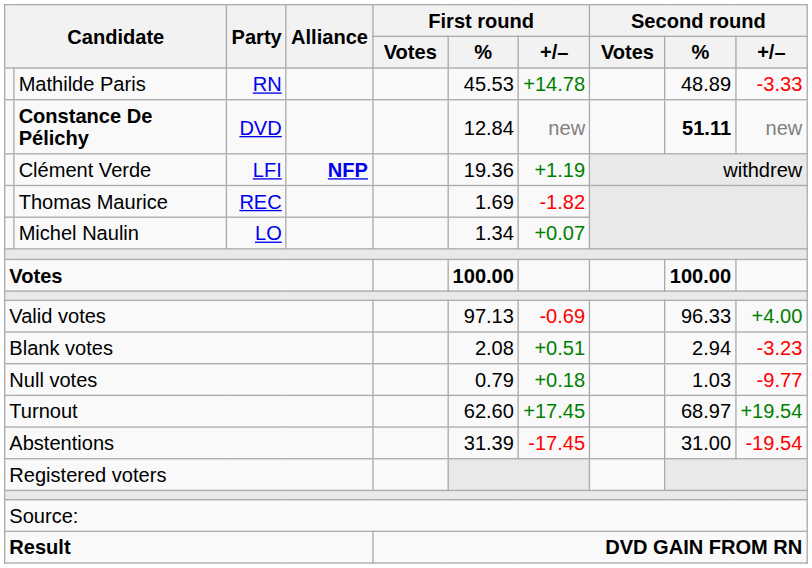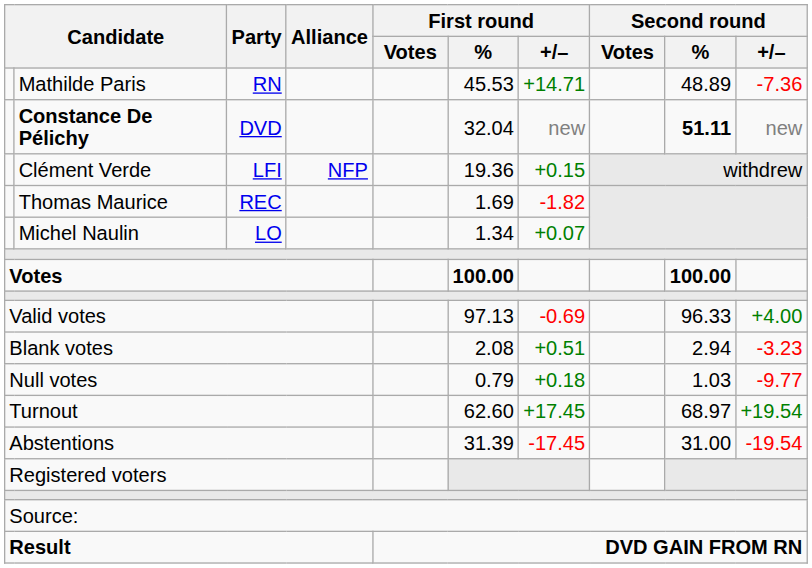 <table class="wikitable" style="text-align:right;font-size:95%;">
 <tr>
 <th rowspan="2" colspan="2">Candidate</th>
 <th colspan="1" rowspan="2">Party</th>
 <th colspan="1" rowspan="2">Alliance</th>
 <th colspan="3">First round</th>
 <th colspan="3">Second round</th>
 </tr>
 <tr>
 <th style="width:50px;">Votes</th>
 <th style="width:45px;">%</th>
 <th style="width:45px;">+/–</th>
 <th style="width:50px;">Votes</th>
 <th style="width:45px;">%</th>
 <th style="width:45px;">+/–</th>
 </tr>
 <tr>
 <td style="color:inherit;background:"></td>
 <td style="text-align:left;">Mathilde Paris</td>
 <td><a href='#'>RN</a></td>
 <td></td>
 <td></td>
 <td>45.53</td>
-<td style="color:green;">+14.78</td>
+<td style="color:green;">+14.71</td>
 <td></td>
 <td>48.89</td>
-<td style="color:red;">-3.33</td>
+<td style="color:red;">-7.36</td>
 </tr>
 <tr>
 <td style="color:inherit;background:"></td>
 <td style="text-align:left;"><strong>Constance De Pélichy</strong></td>
 <td><a href='#'>DVD</a></td>
 <td></td>
 <td></td>
-<td>12.84</td>
+<td>32.04</td>
 <td style="color:grey;">new</td>
 <td><strong></strong></td>
 <td><strong>51.11</strong></td>
 <td style="color:grey;">new</td>
 </tr>
 <tr>
 <td style="color:inherit;background:"></td>
 <td style="text-align:left;">Clément Verde</td>
 <td><a href='#'>LFI</a></td>
-<td><strong><a href='#'>NFP</a></strong></td>
+<td><a href='#'>NFP</a></td>
 <td></td>
 <td>19.36</td>
-<td style="color:green;">+1.19</td>
+<td style="color:green;">+0.15</td>
 <td colspan="3" style="background:#E9E9E9;">withdrew</td>
 </tr>
 <tr>
 <td style="color:inherit;background:"></td>
 <td style="text-align:left;">Thomas Maurice</td>
 <td><a href='#'>REC</a></td>
 <td></td>
 <td></td>
 <td>1.69</td>
 <td style="color:red;">-1.82</td>
 <td colspan="3" rowspan="2" style="background:#E9E9E9;"></td>
 </tr>
 <tr>
 <td style="color:inherit;background:"></td>
 <td style="text-align:left;">Michel Naulin</td>
 <td><a href='#'>LO</a></td>
 <td></td>
 <td></td>
 <td>1.34</td>
 <td style="color:green;">+0.07</td>
 </tr>
 <tr>
 <td colspan="10" style="background:#E9E9E9;"></td>
 </tr>
 <tr style="font-weight:bold;">
 <td colspan="4" style="text-align:left;">Votes</td>
 <td></td>
 <td>100.00</td>
 <td></td>
 <td></td>
 <td>100.00</td>
 <td></td>
 </tr>
 <tr>
 <td colspan="10" style="background:#E9E9E9;"></td>
 </tr>
 <tr>
 <td colspan="4" style="text-align:left;">Valid votes</td>
 <td></td>
 <td>97.13</td>
 <td style="color:red;">-0.69</td>
 <td></td>
 <td>96.33</td>
 <td style="color:green;">+4.00</td>
 </tr>
 <tr>
 <td colspan="4" style="text-align:left;">Blank votes</td>
 <td></td>
 <td>2.08</td>
 <td style="color:green;">+0.51</td>
 <td></td>
 <td>2.94</td>
 <td style="color:red;">-3.23</td>
 </tr>
 <tr>
 <td colspan="4" style="text-align:left;">Null votes</td>
 <td></td>
 <td>0.79</td>
 <td style="color:green;">+0.18</td>
 <td></td>
 <td>1.03</td>
 <td style="color:red;">-9.77</td>
 </tr>
 <tr>
 <td colspan="4" style="text-align:left;">Turnout</td>
 <td></td>
 <td>62.60</td>
 <td style="color:green;">+17.45</td>
 <td></td>
 <td>68.97</td>
 <td style="color:green;">+19.54</td>
 </tr>
 <tr>
 <td colspan="4" style="text-align:left;">Abstentions</td>
 <td></td>
 <td>31.39</td>
 <td style="color:red;">-17.45</td>
 <td></td>
 <td>31.00</td>
 <td style="color:red;">-19.54</td>
 </tr>
 <tr>
 <td colspan="4" style="text-align:left;">Registered voters</td>
 <td></td>
 <td colspan="2" style="background:#E9E9E9;"></td>
 <td></td>
 <td colspan="2" style="background:#E9E9E9;"></td>
 </tr>
 <tr>
 <td colspan="10" style="background:#E9E9E9;"></td>
 </tr>
 <tr>
 <td colspan="10" style="text-align:left;">Source: </td>
 </tr>
 <tr style="font-weight:bold">
 <td colspan="4" style="text-align:left;">Result</td>
 <td colspan="6" style="background-color:">DVD GAIN FROM RN</td>
 </tr>
 </table>
